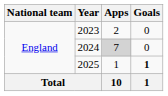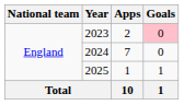 <table class="wikitable" style="text-align: center;">
 <tr>
 <th>National team</th>
 <th>Year</th>
 <th>Apps</th>
 <th>Goals</th>
 </tr>
 <tr>
 <td rowspan="3"><a href='#'>England</a></td>
 <td>2023</td>
 <td>2</td>
-<td>0</td>
+<td style="background: pink;">0</td>
 </tr>
 <tr>
 <td>2024</td>
-<td style="background: lightgrey;">7</td>
+<td>7</td>
 <td>0</td>
 </tr>
 <tr>
 <td>2025</td>
 <td>1</td>
-<td><strong>1</strong></td>
+<td>1</td>
 </tr>
 <tr>
 <th colspan="2">Total</th>
 <th>10</th>
 <th>1</th>
 </tr>
 </table>
